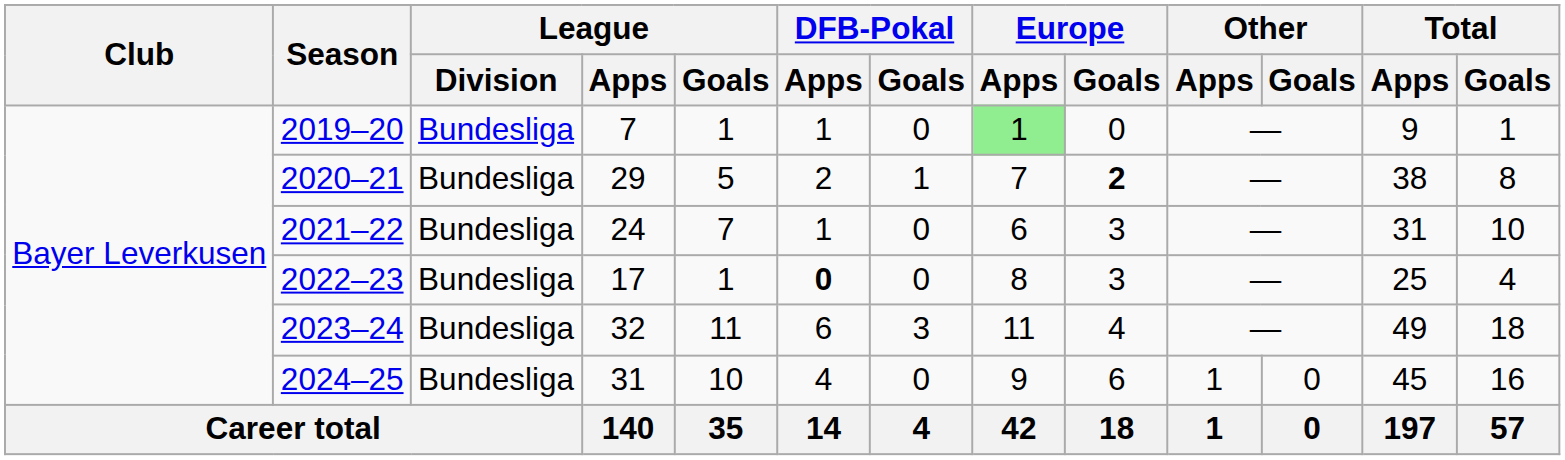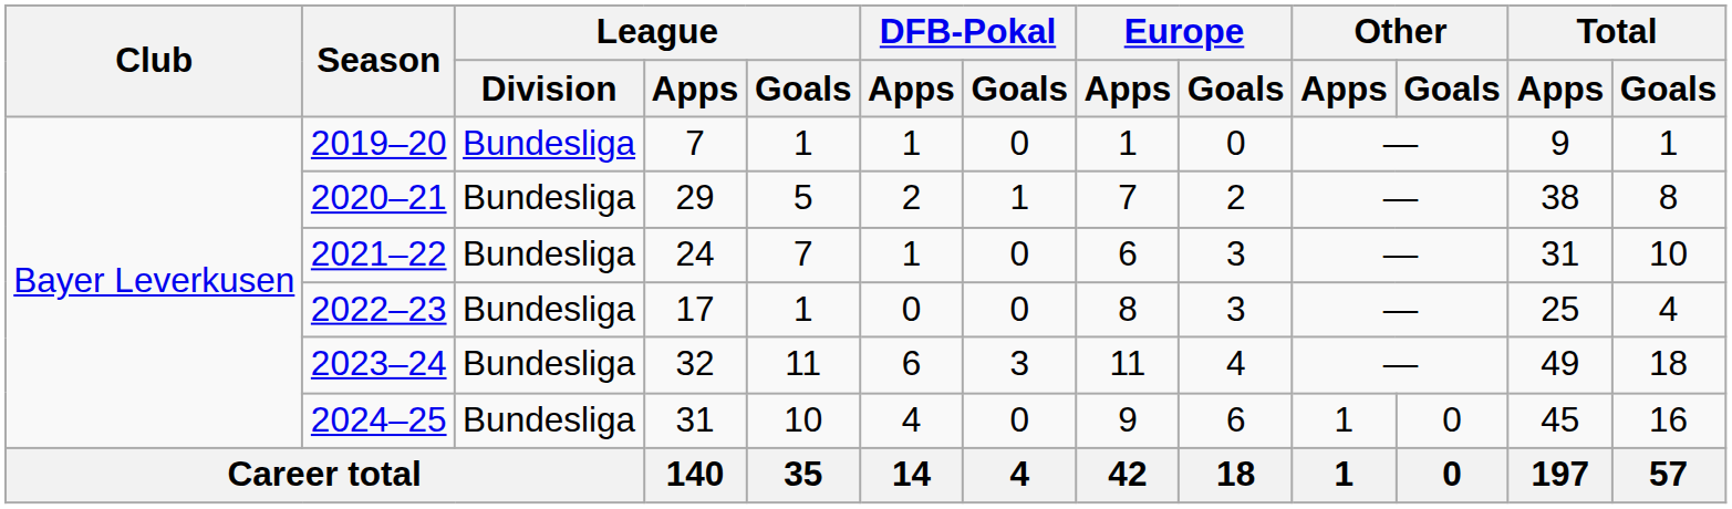 <table class="wikitable" style="text-align:center">
 <tr>
 <th rowspan="2">Club</th>
 <th rowspan="2">Season</th>
 <th colspan="3">League</th>
 <th colspan="2"><a href='#'>DFB-Pokal</a></th>
 <th colspan="2"><a href='#'>Europe</a></th>
 <th colspan="2">Other</th>
 <th colspan="2">Total</th>
 </tr>
 <tr>
 <th>Division</th>
 <th>Apps</th>
 <th>Goals</th>
 <th>Apps</th>
 <th>Goals</th>
 <th>Apps</th>
 <th>Goals</th>
 <th>Apps</th>
 <th>Goals</th>
 <th>Apps</th>
 <th>Goals</th>
 </tr>
 <tr>
 <td rowspan="6"><a href='#'>Bayer Leverkusen</a></td>
 <td><a href='#'>2019–20</a></td>
 <td><a href='#'>Bundesliga</a></td>
 <td>7</td>
 <td>1</td>
 <td>1</td>
 <td>0</td>
-<td style="background: lightgreen;">1</td>
+<td>1</td>
 <td>0</td>
 <td colspan="2">—</td>
 <td>9</td>
 <td>1</td>
 </tr>
 <tr>
 <td><a href='#'>2020–21</a></td>
 <td>Bundesliga</td>
 <td>29</td>
 <td>5</td>
 <td>2</td>
 <td>1</td>
 <td>7</td>
-<td><strong>2</strong></td>
+<td>2</td>
 <td colspan="2">—</td>
 <td>38</td>
 <td>8</td>
 </tr>
 <tr>
 <td><a href='#'>2021–22</a></td>
 <td>Bundesliga</td>
 <td>24</td>
 <td>7</td>
 <td>1</td>
 <td>0</td>
 <td>6</td>
 <td>3</td>
 <td colspan="2">—</td>
 <td>31</td>
 <td>10</td>
 </tr>
 <tr>
 <td><a href='#'>2022–23</a></td>
 <td>Bundesliga</td>
 <td>17</td>
 <td>1</td>
-<td><strong>0</strong></td>
+<td>0</td>
 <td>0</td>
 <td>8</td>
 <td>3</td>
 <td colspan="2">—</td>
 <td>25</td>
 <td>4</td>
 </tr>
 <tr>
 <td><a href='#'>2023–24</a></td>
 <td>Bundesliga</td>
 <td>32</td>
 <td>11</td>
 <td>6</td>
 <td>3</td>
 <td>11</td>
 <td>4</td>
 <td colspan="2">—</td>
 <td>49</td>
 <td>18</td>
 </tr>
 <tr>
 <td><a href='#'>2024–25</a></td>
 <td>Bundesliga</td>
 <td>31</td>
 <td>10</td>
 <td>4</td>
 <td>0</td>
 <td>9</td>
 <td>6</td>
 <td>1</td>
 <td>0</td>
 <td>45</td>
 <td>16</td>
 </tr>
 <tr>
 <th colspan="3">Career total</th>
 <th>140</th>
 <th>35</th>
 <th>14</th>
 <th>4</th>
 <th>42</th>
 <th>18</th>
 <th>1</th>
 <th>0</th>
 <th>197</th>
 <th>57</th>
 </tr>
 </table>
